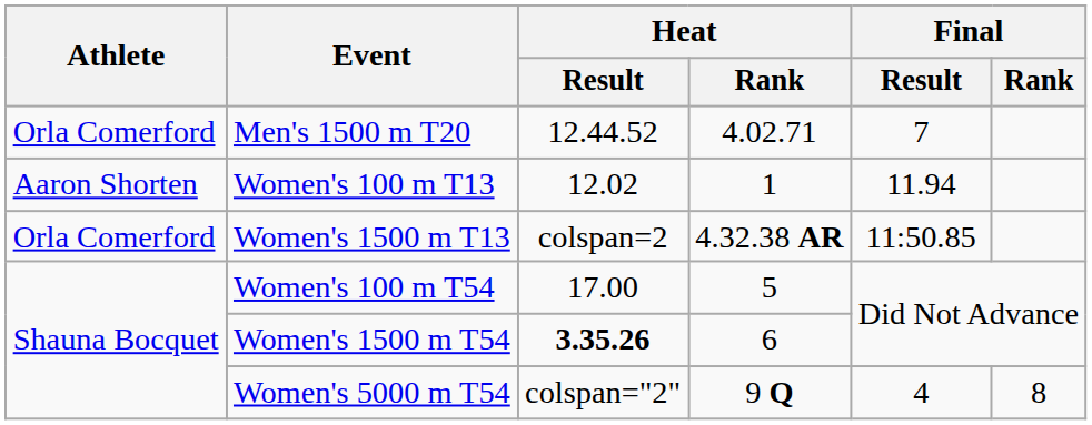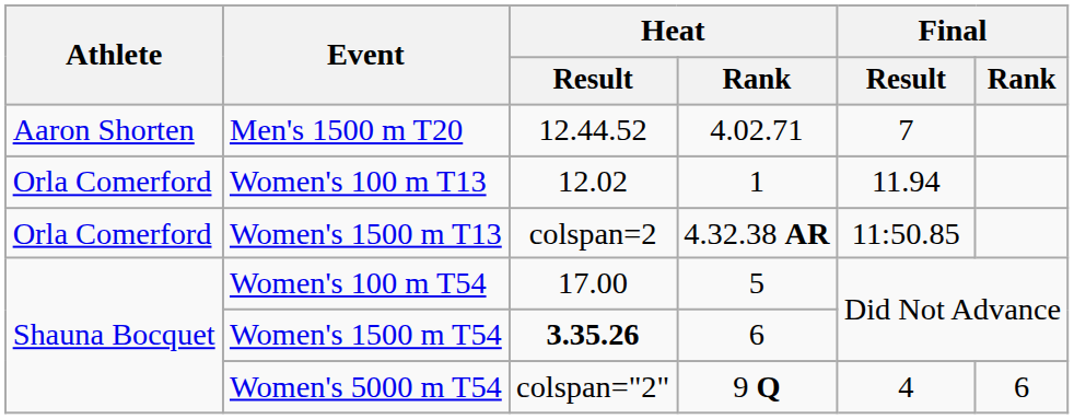 <table class="wikitable" style="font-size:90%">
 <tr>
 <th rowspan="2">Athlete</th>
 <th rowspan="2">Event</th>
 <th colspan="2">Heat</th>
 <th colspan="2">Final</th>
 </tr>
 <tr style="font-size:95%">
 <th>Result</th>
 <th>Rank</th>
 <th>Result</th>
 <th>Rank</th>
 </tr>
 <tr align=center>
-<td align=left><a href='#'>Orla Comerford</a></td>
+<td align=left><a href='#'>Aaron Shorten</a></td>
 <td align=left><a href='#'>Men's 1500 m T20</a></td>
 <td>12.44.52</td>
 <td>4.02.71</td>
 <td>7</td>
 </tr>
 <tr align=center>
-<td align=left><a href='#'>Aaron Shorten</a></td>
+<td align=left><a href='#'>Orla Comerford</a></td>
 <td align=left><a href='#'>Women's 100 m T13</a></td>
 <td>12.02</td>
 <td>1</td>
 <td>11.94</td>
 <td></td>
 </tr>
 <tr align=center>
 <td align=left><a href='#'>Orla Comerford</a></td>
 <td align=left><a href='#'>Women's 1500 m T13</a></td>
 <td>colspan=2 </td>
 <td>4.32.38 <strong>AR</strong></td>
 <td>11:50.85</td>
 </tr>
 <tr align=center>
 <td align=left rowspan=3><a href='#'>Shauna Bocquet</a></td>
 <td align=left><a href='#'>Women's 100 m T54</a></td>
 <td>17.00</td>
 <td>5</td>
 <td colspan="2" rowspan="2">Did Not Advance</td>
 </tr>
 <tr align=center>
 <td align=left><a href='#'>Women's 1500 m T54</a></td>
 <td><strong>3.35.26</strong></td>
 <td>6</td>
 </tr>
 <tr align=center>
 <td align=left><a href='#'>Women's 5000 m T54</a></td>
 <td>colspan="2" </td>
 <td>9 <strong>Q</strong></td>
 <td>4</td>
-<td>8</td>
+<td>6</td>
 </tr>
 </table>
